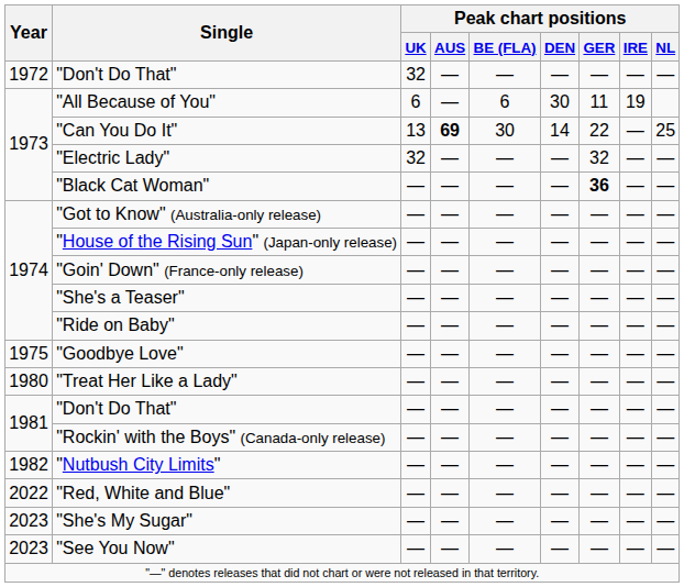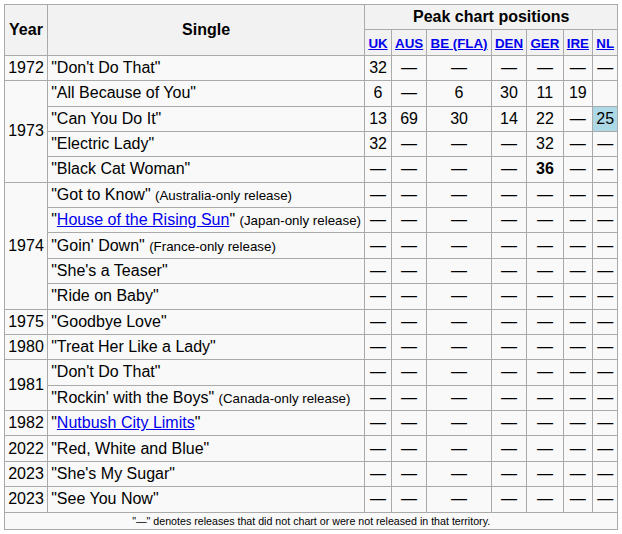 <table class="wikitable" style="text-align:center">
 <tr>
 <th rowspan="2">Year</th>
 <th rowspan="2">Single</th>
 <th colspan="7">Peak chart positions</th>
 </tr>
 <tr>
 <th><small><a href='#'>UK</a></small><br></th>
 <th><small><a href='#'>AUS</a></small><br></th>
 <th><small><a href='#'>BE (FLA)</a></small><br></th>
 <th><small><a href='#'>DEN</a></small></th>
 <th><small><a href='#'>GER</a></small><br></th>
 <th><small><a href='#'>IRE</a></small><br></th>
 <th><small><a href='#'>NL</a></small><br></th>
 </tr>
 <tr>
 <td>1972</td>
 <td align="left">"Don't Do That"</td>
 <td>32</td>
 <td>—</td>
 <td>—</td>
 <td>—</td>
 <td>—</td>
 <td>—</td>
 <td>—</td>
 </tr>
 <tr>
 <td rowspan="4">1973</td>
 <td align="left">"All Because of You"</td>
 <td>6</td>
 <td>—</td>
 <td 18>6</td>
 <td>30</td>
 <td>11</td>
 <td>19</td>
 </tr>
 <tr>
 <td align="left">"Can You Do It"</td>
 <td>13</td>
-<td><strong>69</strong></td>
+<td>69</td>
 <td>30</td>
 <td>14</td>
 <td>22</td>
 <td>—</td>
-<td>25</td>
+<td style="background: lightblue;">25</td>
 </tr>
 <tr>
 <td align="left">"Electric Lady"</td>
 <td>32</td>
 <td>—</td>
 <td>—</td>
 <td>—</td>
 <td>32</td>
 <td>—</td>
 <td>—</td>
 </tr>
 <tr>
 <td align="left">"Black Cat Woman"</td>
 <td>—</td>
 <td>—</td>
 <td>—</td>
 <td>—</td>
 <td><strong>36</strong></td>
 <td>—</td>
 <td>—</td>
 </tr>
 <tr>
 <td rowspan="5">1974</td>
 <td align="left">"Got to Know" <small>(Australia-only release)</small></td>
 <td>—</td>
 <td>—</td>
 <td>—</td>
 <td>—</td>
 <td>—</td>
 <td>—</td>
 <td>—</td>
 </tr>
 <tr>
 <td align="left">"<a href='#'>House of the Rising Sun</a>" <small>(Japan-only release)</small></td>
 <td>—</td>
 <td>—</td>
 <td>—</td>
 <td>—</td>
 <td>—</td>
 <td>—</td>
 <td>—</td>
 </tr>
 <tr>
 <td align="left">"Goin' Down" <small>(France-only release)</small></td>
 <td>—</td>
 <td>—</td>
 <td>—</td>
 <td>—</td>
 <td>—</td>
 <td>—</td>
 <td>—</td>
 </tr>
 <tr>
 <td align="left">"She's a Teaser"</td>
 <td>—</td>
 <td>—</td>
 <td>—</td>
 <td>—</td>
 <td>—</td>
 <td>—</td>
 <td>—</td>
 </tr>
 <tr>
 <td align="left">"Ride on Baby"</td>
 <td>—</td>
 <td>—</td>
 <td>—</td>
 <td>—</td>
 <td>—</td>
 <td>—</td>
 <td>—</td>
 </tr>
 <tr>
 <td>1975</td>
 <td align="left">"Goodbye Love"</td>
 <td>—</td>
 <td>—</td>
 <td>—</td>
 <td>—</td>
 <td>—</td>
 <td>—</td>
 <td>—</td>
 </tr>
 <tr>
 <td>1980</td>
 <td align="left">"Treat Her Like a Lady"</td>
 <td>—</td>
 <td>—</td>
 <td>—</td>
 <td>—</td>
 <td>—</td>
 <td>—</td>
 <td>—</td>
 </tr>
 <tr>
 <td rowspan="2">1981</td>
 <td align="left">"Don't Do That"</td>
 <td>—</td>
 <td>—</td>
 <td>—</td>
 <td>—</td>
 <td>—</td>
 <td>—</td>
 <td>—</td>
 </tr>
 <tr>
 <td align="left">"Rockin' with the Boys" <small>(Canada-only release)</small></td>
 <td>—</td>
 <td>—</td>
 <td>—</td>
 <td>—</td>
 <td>—</td>
 <td>—</td>
 <td>—</td>
 </tr>
 <tr>
 <td>1982</td>
 <td align="left">"<a href='#'>Nutbush City Limits</a>"</td>
 <td>—</td>
 <td>—</td>
 <td>—</td>
 <td>—</td>
 <td>—</td>
 <td>—</td>
 <td>—</td>
 </tr>
 <tr>
 <td>2022</td>
 <td align="left">"Red, White and Blue"</td>
 <td>—</td>
 <td>—</td>
 <td>—</td>
 <td>—</td>
 <td>—</td>
 <td>—</td>
 <td>—</td>
 </tr>
 <tr>
 <td>2023</td>
 <td align="left">"She's My Sugar"</td>
 <td>—</td>
 <td>—</td>
 <td>—</td>
 <td>—</td>
 <td>—</td>
 <td>—</td>
 <td>—</td>
 </tr>
 <tr>
 <td>2023</td>
 <td align="left">"See You Now"</td>
 <td>—</td>
 <td>—</td>
 <td>—</td>
 <td>—</td>
 <td>—</td>
 <td>—</td>
 <td>—</td>
 </tr>
 <tr>
 <td colspan="9" style="font-size:8pt">"—" denotes releases that did not chart or were not released in that territory.</td>
 </tr>
 </table>
